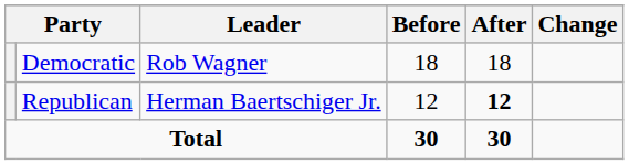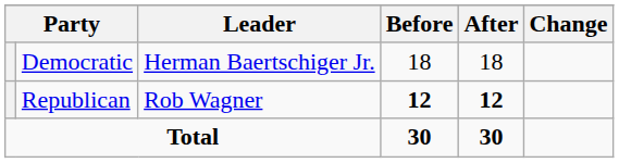 <table class="wikitable" style="text-align:center;">
 <tr>
 </tr>
 <tr>
 <th colspan=2>Party</th>
 <th>Leader</th>
 <th>Before</th>
 <th>After</th>
 <th>Change</th>
 </tr>
 <tr>
 <th style="background-color:"></th>
 <td style="text-align:left;"><a href='#'>Democratic</a></td>
-<td style="text-align:left;"><a href='#'>Rob Wagner</a></td>
+<td style="text-align:left;"><a href='#'>Herman Baertschiger Jr.</a></td>
 <td>18</td>
 <td>18</td>
 <td></td>
 </tr>
 <tr>
 <th style="background-color:"></th>
 <td style="text-align:left;"><a href='#'>Republican</a></td>
-<td style="text-align:left;"><a href='#'>Herman Baertschiger Jr.</a></td>
-<td>12</td>
+<td style="text-align:left;"><a href='#'>Rob Wagner</a></td>
+<td><strong>12</strong></td>
 <td><strong>12</strong></td>
 <td></td>
 </tr>
 <tr>
 <td colspan=3><strong>Total</strong></td>
 <td><strong>30</strong></td>
 <td><strong>30</strong></td>
 <td></td>
 </tr>
 </table>
